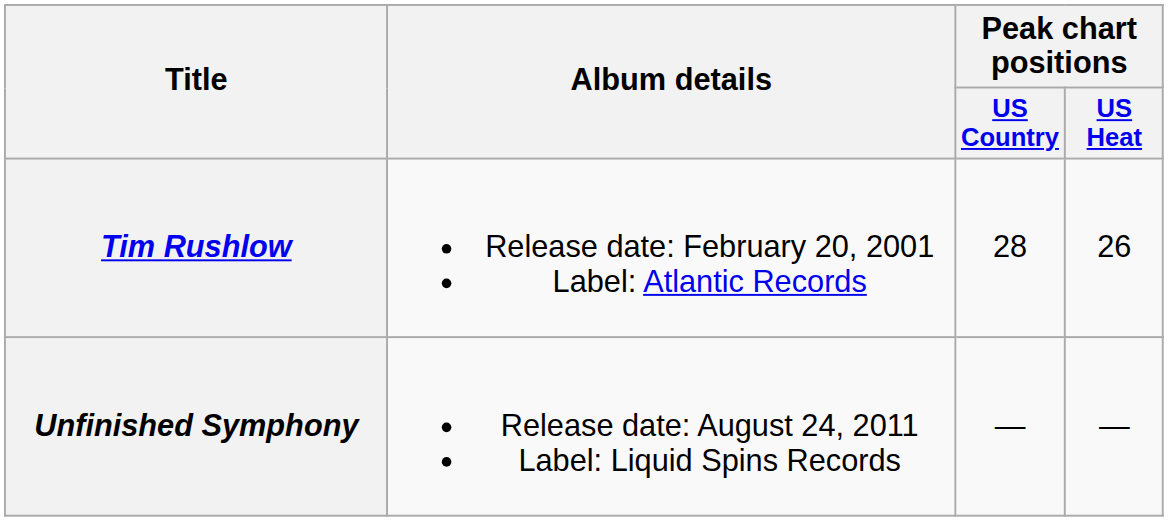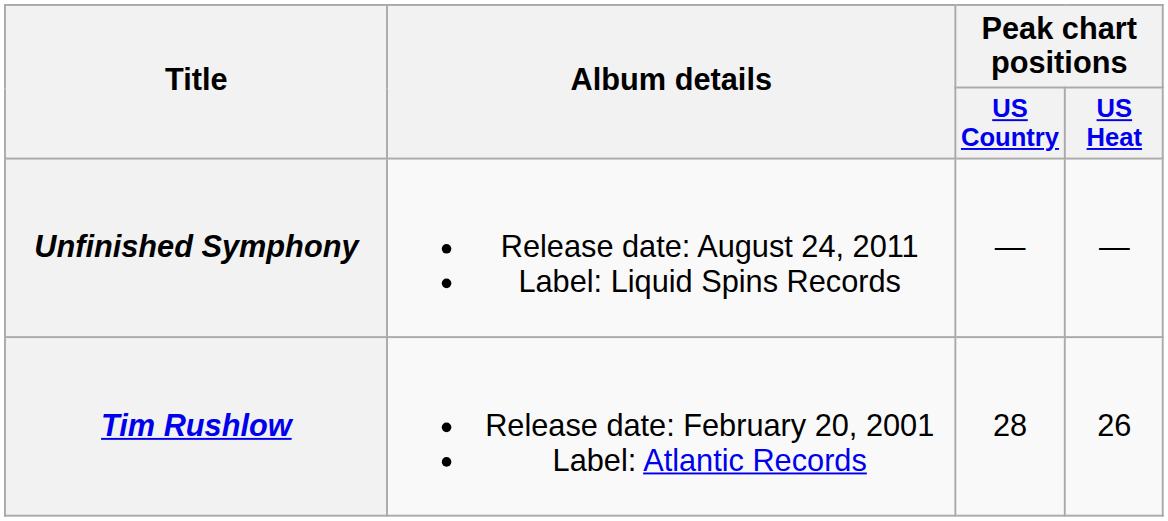 <table class="wikitable plainrowheaders" style="text-align:center;">
 <tr>
 <th rowspan="2" style="width:12em;">Title</th>
 <th rowspan="2" style="width:18em;">Album details</th>
 <th colspan="2">Peak chart<br>positions</th>
 </tr>
 <tr style="font-size:smaller;">
 <th width="45"><a href='#'>US Country</a></th>
 <th width="45"><a href='#'>US Heat</a></th>
 </tr>
 <tr>
+<th scope="row"><em>Unfinished Symphony</em></th>
+<td><br><ul><li>Release date: August 24, 2011</li><li>Label: Liquid Spins Records</li></ul></td>
+<td>—</td>
+<td>—</td>
+</tr>
+<tr>
 <th scope="row"><em><a href='#'>Tim Rushlow</a></em></th>
 <td><br><ul><li>Release date: February 20, 2001</li><li>Label: <a href='#'>Atlantic Records</a></li></ul></td>
 <td>28</td>
 <td>26</td>
 </tr>
-<tr>
-<th scope="row"><em>Unfinished Symphony</em></th>
-<td><br><ul><li>Release date: August 24, 2011</li><li>Label: Liquid Spins Records</li></ul></td>
-<td>—</td>
-<td>—</td>
-</tr>
 </table>
